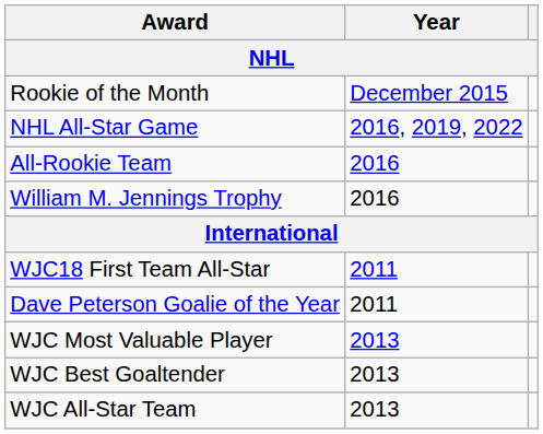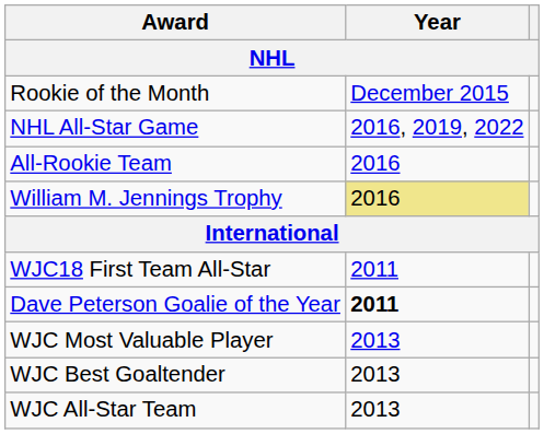 <table class="wikitable">
 <tr>
 <th>Award</th>
 <th>Year</th>
 <th></th>
 </tr>
 <tr>
 <th colspan="3"><a href='#'>NHL</a></th>
 </tr>
 <tr>
 <td>Rookie of the Month</td>
 <td><a href='#'>December 2015</a></td>
 <td></td>
 </tr>
 <tr>
 <td><a href='#'>NHL All-Star Game</a></td>
 <td><a href='#'>2016</a>, <a href='#'>2019</a>, <a href='#'>2022</a></td>
 <td></td>
 </tr>
 <tr>
 <td><a href='#'>All-Rookie Team</a></td>
 <td><a href='#'>2016</a></td>
 <td></td>
 </tr>
 <tr>
 <td><a href='#'>William M. Jennings Trophy</a></td>
-<td>2016</td>
+<td style="background: khaki;">2016</td>
 <td></td>
 </tr>
 <tr>
 <th colspan="3"><a href='#'>International</a></th>
 </tr>
 <tr>
 <td><a href='#'>WJC18</a> First Team All-Star</td>
 <td><a href='#'>2011</a></td>
 <td></td>
 </tr>
 <tr>
 <td><a href='#'>Dave Peterson Goalie of the Year</a></td>
-<td>2011</td>
+<td><strong>2011</strong></td>
 <td></td>
 </tr>
 <tr>
 <td>WJC Most Valuable Player</td>
 <td><a href='#'>2013</a></td>
 <td></td>
 </tr>
 <tr>
 <td>WJC Best Goaltender</td>
 <td>2013</td>
 <td></td>
 </tr>
 <tr>
 <td>WJC All-Star Team</td>
 <td>2013</td>
 <td></td>
 </tr>
 </table>
